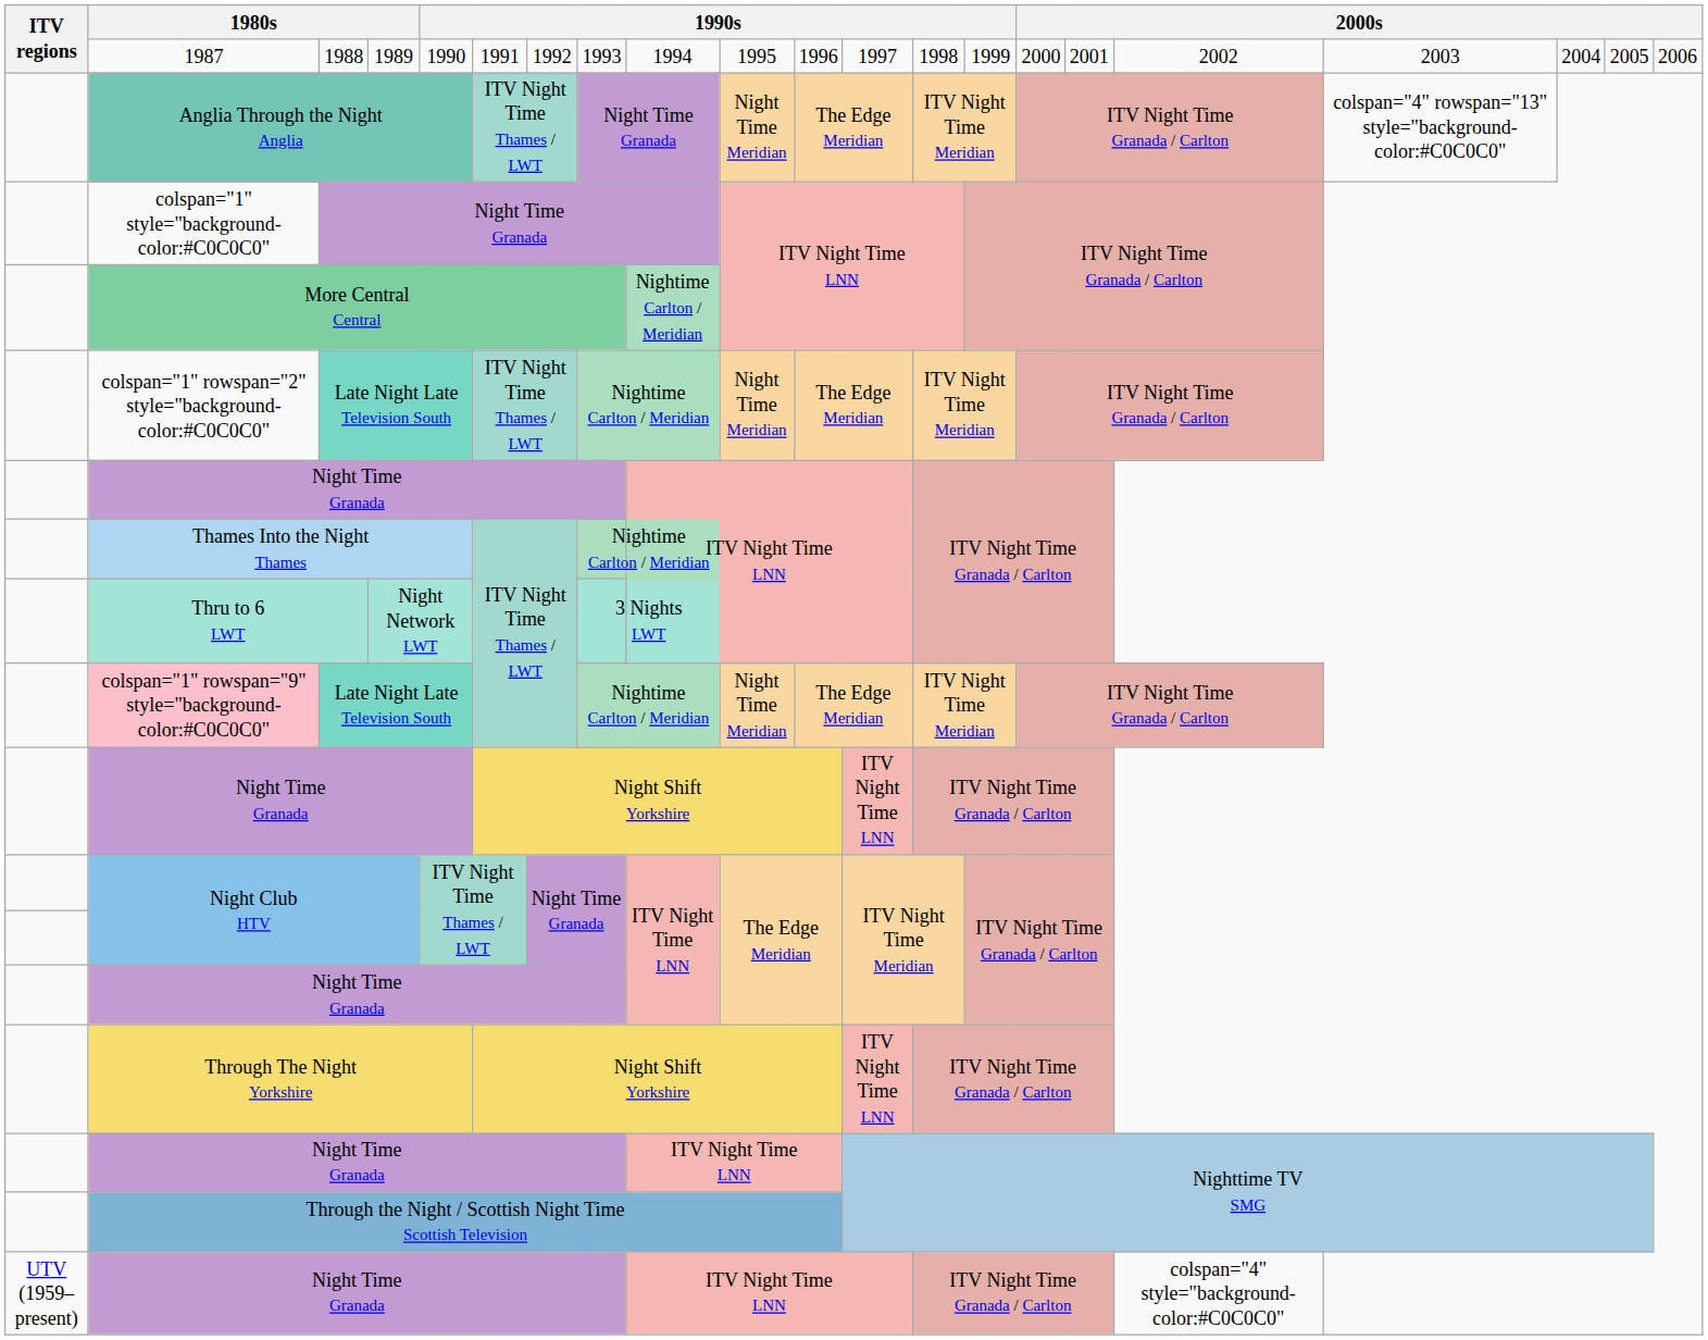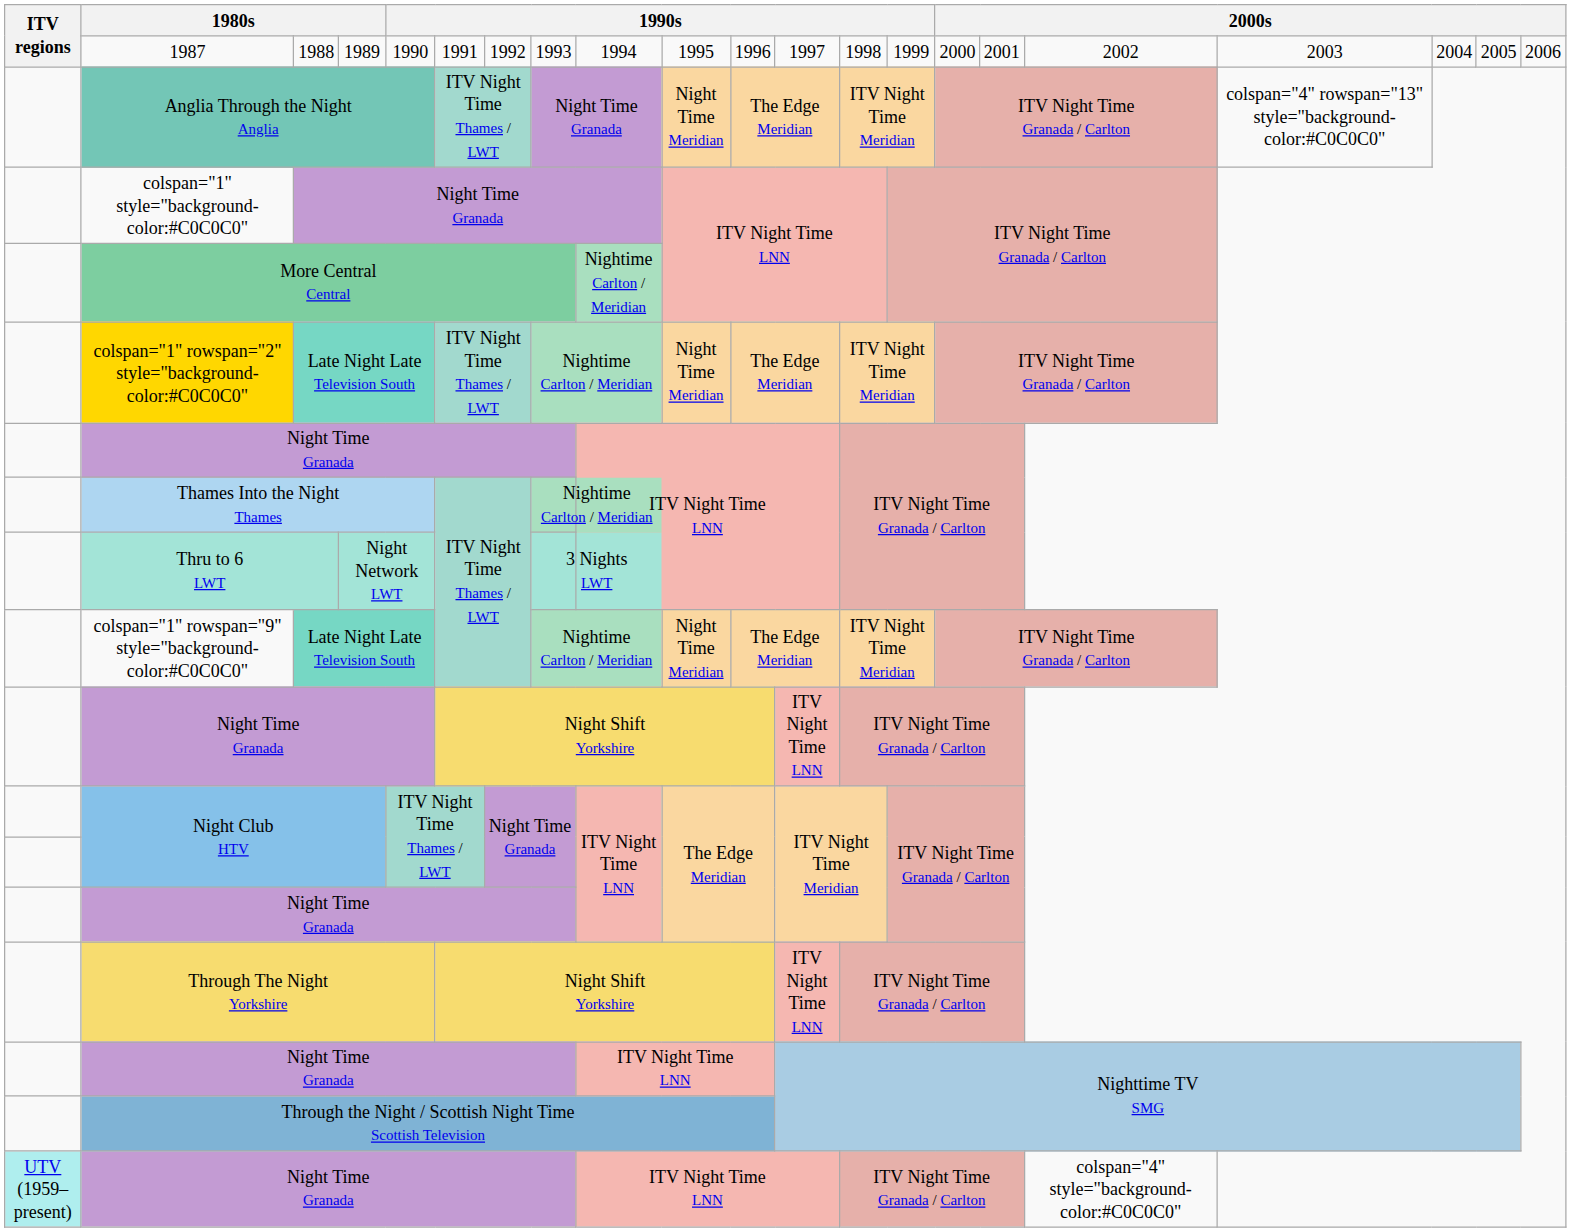 <table class="wikitable" style="font-size: 90%; line-height:125%; text-align:center;">
 <tr>
 <th rowspan="2">ITV regions</th>
 <th colspan="3">1980s</th>
 <th colspan="10">1990s</th>
 <th colspan="7">2000s</th>
 </tr>
 <tr>
 <td>1987</td>
 <td>1988</td>
 <td>1989</td>
 <td>1990</td>
 <td>1991</td>
 <td>1992</td>
 <td>1993</td>
 <td>1994</td>
 <td>1995</td>
 <td>1996</td>
 <td>1997</td>
 <td>1998</td>
 <td>1999</td>
 <td>2000</td>
 <td>2001</td>
 <td>2002</td>
 <td>2003</td>
 <td>2004</td>
 <td>2005</td>
 <td>2006</td>
 </tr>
 <tr>
 <td><br></td>
 <td colspan="4" style="background-color:#73C6B6">Anglia Through the Night<br><small><a href='#'>Anglia</a></small></td>
 <td colspan="2" style="background-color:#A2D9CE">ITV Night Time<br><small><a href='#'>Thames</a> / <a href='#'>LWT</a></small></td>
 <td colspan="2" style="background-color:#C39BD3">Night Time<br><small><a href='#'>Granada</a></small></td>
 <td colspan="1" style="background-color:#FAD7A0">Night Time<br><small><a href='#'>Meridian</a></small></td>
 <td colspan="2" style="background-color:#FAD7A0">The Edge<br><small><a href='#'>Meridian</a></small></td>
 <td colspan="2" style="background-color:#FAD7A0">ITV Night Time<br><small><a href='#'>Meridian</a></small></td>
 <td colspan="3" style="background-color:#E6B0AA">ITV Night Time<br><small><a href='#'>Granada</a> / <a href='#'>Carlton</a></small></td>
 <td>colspan="4" rowspan="13" style="background-color:#C0C0C0" </td>
 </tr>
 <tr>
 <td><br></td>
 <td>colspan="1" style="background-color:#C0C0C0" </td>
 <td colspan="7" style="background-color:#C39BD3">Night Time<br><small><a href='#'>Granada</a></small></td>
 <td colspan="4" rowspan="2" style="background-color:#F5B7B1">ITV Night Time<br><small><a href='#'>LNN</a></small></td>
 <td colspan="4" rowspan="2" style="background-color:#E6B0AA">ITV Night Time<br><small><a href='#'>Granada</a> / <a href='#'>Carlton</a></small></td>
 </tr>
 <tr>
 <td><br></td>
 <td colspan="7" style="background-color:#7DCEA0">More Central<br><small><a href='#'>Central</a></small></td>
 <td colspan="1" style="background-color:#A9DFBF">Nightime<br><small><a href='#'>Carlton</a> / <a href='#'>Meridian</a></small></td>
 </tr>
 <tr>
 <td><br></td>
-<td>colspan="1" rowspan="2" style="background-color:#C0C0C0" </td>
+<td style="background: gold;">colspan="1" rowspan="2" style="background-color:#C0C0C0" </td>
 <td colspan="3" style="background-color:#76D7C4">Late Night Late<br><small><a href='#'>Television South</a></small></td>
 <td colspan="2" style="background-color:#A2D9CE">ITV Night Time<br><small><a href='#'>Thames</a> / <a href='#'>LWT</a></small></td>
 <td colspan="2" style="background-color:#A9DFBF">Nightime<br><small><a href='#'>Carlton</a> / <a href='#'>Meridian</a></small></td>
 <td colspan="1" style="background-color:#FAD7A0">Night Time<br><small><a href='#'>Meridian</a></small></td>
 <td colspan="2" style="background-color:#FAD7A0">The Edge<br><small><a href='#'>Meridian</a></small></td>
 <td colspan="2" style="background-color:#FAD7A0">ITV Night Time<br><small><a href='#'>Meridian</a></small></td>
 <td colspan="3" style="background-color:#E6B0AA">ITV Night Time<br><small><a href='#'>Granada</a> / <a href='#'>Carlton</a></small></td>
 </tr>
 <tr>
 <td><br></td>
 <td colspan="7" style="background-color:#C39BD3">Night Time<br><small><a href='#'>Granada</a></small></td>
 <td colspan="4" rowspan="3" style="background-color:#F5B7B1">ITV Night Time<br><small><a href='#'>LNN</a></small></td>
 <td colspan="4" rowspan="3" style="background-color:#E6B0AA">ITV Night Time<br><small><a href='#'>Granada</a> / <a href='#'>Carlton</a></small></td>
 </tr>
 <tr>
 <td><br><br></td>
 <td colspan="4" style="background-color:#AED6F1">Thames Into the Night<br><small><a href='#'>Thames</a></small></td>
 <td colspan="2" rowspan="3" style="background-color:#A2D9CE">ITV Night Time<br><small><a href='#'>Thames</a> / <a href='#'>LWT</a></small></td>
 <td colspan="2" style="background-color:#A9DFBF">Nightime<br><small><a href='#'>Carlton</a> / <a href='#'>Meridian</a></small></td>
 </tr>
 <tr>
 <td><br></td>
 <td colspan="2" style="background-color:#A3E4D7">Thru to 6<br><small><a href='#'>LWT</a></small></td>
 <td colspan="2" style="background-color:#A3E4D7">Night Network<br><small><a href='#'>LWT</a></small></td>
 <td colspan="2" style="background-color:#A3E4D7">3 Nights<br><small><a href='#'>LWT</a></small></td>
 </tr>
 <tr>
 <td><br><br></td>
-<td style="background: pink;">colspan="1" rowspan="9" style="background-color:#C0C0C0" </td>
+<td>colspan="1" rowspan="9" style="background-color:#C0C0C0" </td>
 <td colspan="3" style="background-color:#76D7C4">Late Night Late<br><small><a href='#'>Television South</a></small></td>
 <td colspan="2" style="background-color:#A9DFBF">Nightime<br><small><a href='#'>Carlton</a> / <a href='#'>Meridian</a></small></td>
 <td colspan="1" style="background-color:#FAD7A0">Night Time<br><small><a href='#'>Meridian</a></small></td>
 <td colspan="2" style="background-color:#FAD7A0">The Edge<br><small><a href='#'>Meridian</a></small></td>
 <td colspan="2" style="background-color:#FAD7A0">ITV Night Time<br><small><a href='#'>Meridian</a></small></td>
 <td colspan="3" style="background-color:#E6B0AA">ITV Night Time<br><small><a href='#'>Granada</a> / <a href='#'>Carlton</a></small></td>
 </tr>
 <tr>
 <td><br></td>
 <td colspan="4" style="background-color:#C39BD3">Night Time<br><small><a href='#'>Granada</a></small></td>
 <td colspan="6" style="background-color:#F7DC6F">Night Shift<br><small><a href='#'>Yorkshire</a></small></td>
 <td colspan="1" style="background-color:#F5B7B1">ITV Night Time<br><small><a href='#'>LNN</a></small></td>
 <td colspan="4" style="background-color:#E6B0AA">ITV Night Time<br><small><a href='#'>Granada</a> / <a href='#'>Carlton</a></small></td>
 </tr>
 <tr>
 <td><br></td>
 <td colspan="3" rowspan="2" style="background-color:#85C1E9">Night Club<br><small><a href='#'>HTV</a></small></td>
 <td colspan="2" rowspan="2" style="background-color:#A2D9CE">ITV Night Time<br><small><a href='#'>Thames</a> / <a href='#'>LWT</a></small></td>
 <td colspan="2" rowspan="2" style="background-color:#C39BD3">Night Time<br><small><a href='#'>Granada</a></small></td>
 <td colspan="1" rowspan="3" style="background-color:#F5B7B1">ITV Night Time<br><small><a href='#'>LNN</a></small></td>
 <td colspan="2" rowspan="3" style="background-color:#FAD7A0">The Edge<br><small><a href='#'>Meridian</a></small></td>
 <td colspan="2" rowspan="3" style="background-color:#FAD7A0">ITV Night Time<br><small><a href='#'>Meridian</a></small></td>
 <td colspan="3" rowspan="3" style="background-color:#E6B0AA">ITV Night Time<br><small><a href='#'>Granada</a> / <a href='#'>Carlton</a></small></td>
 </tr>
 <tr>
 <td><br></td>
 </tr>
 <tr>
 <td><br><br></td>
 <td colspan="7" style="background-color:#C39BD3">Night Time<br><small><a href='#'>Granada</a></small></td>
 </tr>
 <tr>
 <td><br></td>
 <td colspan="4" style="background-color:#F7DC6F">Through The Night<br><small><a href='#'>Yorkshire</a></small></td>
 <td colspan="6" style="background-color:#F7DC6F">Night Shift<br><small><a href='#'>Yorkshire</a></small></td>
 <td colspan="1" style="background-color:#F5B7B1">ITV Night Time<br><small><a href='#'>LNN</a></small></td>
 <td colspan="4" style="background-color:#E6B0AA">ITV Night Time<br><small><a href='#'>Granada</a> / <a href='#'>Carlton</a></small></td>
 </tr>
 <tr>
 <td><br></td>
 <td colspan="7" style="background-color:#C39BD3">Night Time<br><small><a href='#'>Granada</a></small></td>
 <td colspan="3" style="background-color:#F5B7B1">ITV Night Time<br><small><a href='#'>LNN</a></small></td>
 <td colspan="9" rowspan="2" style="background-color:#A9CCE3">Nighttime TV<br><small><a href='#'>SMG</a></small></td>
 </tr>
 <tr>
 <td><br></td>
 <td colspan="10" style="background-color:#7FB3D5">Through the Night / Scottish Night Time<br><small><a href='#'>Scottish Television</a></small></td>
 </tr>
 <tr>
-<td><a href='#'>UTV</a><br>(1959–present)</td>
+<td style="background: paleturquoise;"><a href='#'>UTV</a><br>(1959–present)</td>
 <td colspan="7" style="background-color:#C39BD3">Night Time<br><small><a href='#'>Granada</a></small></td>
 <td colspan="4" style="background-color:#F5B7B1">ITV Night Time<br><small><a href='#'>LNN</a></small></td>
 <td colspan="4" style="background-color:#E6B0AA">ITV Night Time<br><small><a href='#'>Granada</a> / <a href='#'>Carlton</a></small></td>
 <td>colspan="4" style="background-color:#C0C0C0" </td>
 </tr>
 </table>
